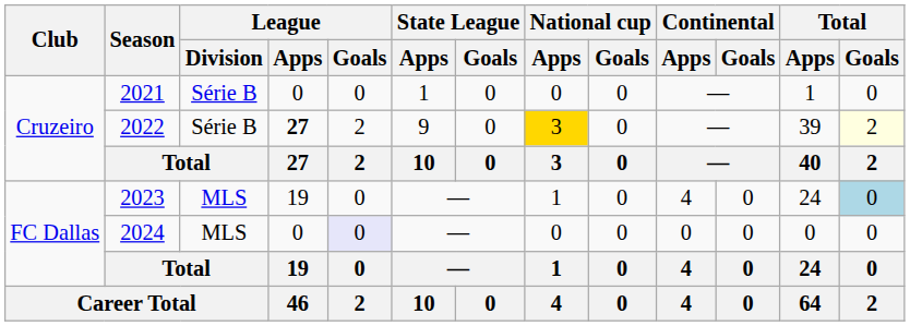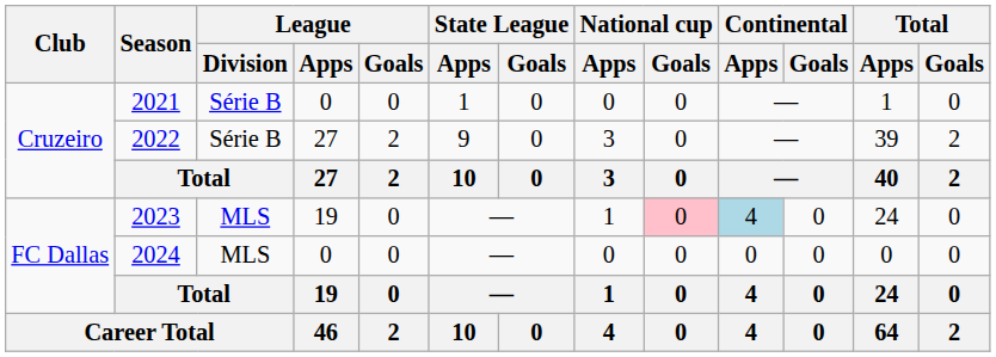 <table class="wikitable" style="text-align: center;">
 <tr>
 <th rowspan="2">Club</th>
 <th rowspan="2">Season</th>
 <th colspan="3">League</th>
 <th colspan="2">State League</th>
 <th colspan="2">National cup</th>
 <th colspan="2">Continental</th>
 <th colspan="2">Total</th>
 </tr>
 <tr>
 <th>Division</th>
 <th>Apps</th>
 <th>Goals</th>
 <th>Apps</th>
 <th>Goals</th>
 <th>Apps</th>
 <th>Goals</th>
 <th>Apps</th>
 <th>Goals</th>
 <th>Apps</th>
 <th>Goals</th>
 </tr>
 <tr>
 <td rowspan="3"><a href='#'>Cruzeiro</a></td>
 <td><a href='#'>2021</a></td>
 <td><a href='#'>Série B</a></td>
 <td>0</td>
 <td>0</td>
 <td>1</td>
 <td>0</td>
 <td>0</td>
 <td>0</td>
 <td colspan="2">—</td>
 <td>1</td>
 <td>0</td>
 </tr>
 <tr>
 <td><a href='#'>2022</a></td>
 <td>Série B</td>
-<td><strong>27</strong></td>
+<td>27</td>
 <td>2</td>
 <td>9</td>
 <td>0</td>
-<td style="background: gold;">3</td>
+<td>3</td>
 <td>0</td>
 <td colspan="2">—</td>
 <td>39</td>
-<td style="background: lightyellow;">2</td>
+<td>2</td>
 </tr>
 <tr>
 <th colspan="2">Total</th>
 <th>27</th>
 <th>2</th>
 <th>10</th>
 <th>0</th>
 <th>3</th>
 <th>0</th>
 <th colspan="2">—</th>
 <th>40</th>
 <th>2</th>
 </tr>
 <tr>
 <td rowspan="3"><a href='#'>FC Dallas</a></td>
 <td><a href='#'>2023</a></td>
 <td><a href='#'>MLS</a></td>
 <td>19</td>
 <td>0</td>
 <td colspan="2">—</td>
 <td>1</td>
-<td>0</td>
-<td>4</td>
+<td style="background: pink;">0</td>
+<td style="background: lightblue;">4</td>
 <td>0</td>
 <td>24</td>
-<td style="background: lightblue;">0</td>
+<td>0</td>
 </tr>
 <tr>
 <td><a href='#'>2024</a></td>
 <td>MLS</td>
 <td>0</td>
-<td style="background: lavender;">0</td>
+<td>0</td>
 <td colspan="2">—</td>
 <td>0</td>
 <td>0</td>
 <td>0</td>
 <td>0</td>
 <td>0</td>
 <td>0</td>
 </tr>
 <tr>
 <th colspan="2">Total</th>
 <th>19</th>
 <th>0</th>
 <th colspan="2">—</th>
 <th>1</th>
 <th>0</th>
 <th>4</th>
 <th>0</th>
 <th>24</th>
 <th>0</th>
 </tr>
 <tr>
 <th colspan="3">Career Total</th>
 <th>46</th>
 <th>2</th>
 <th>10</th>
 <th>0</th>
 <th>4</th>
 <th>0</th>
 <th>4</th>
 <th>0</th>
 <th>64</th>
 <th>2</th>
 </tr>
 </table>
